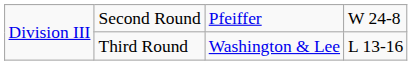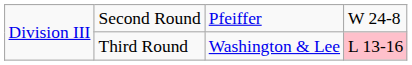 <table class="wikitable">
 <tr>
 <td rowspan="2"><a href='#'>Division III</a></td>
 <td>Second Round</td>
 <td><a href='#'>Pfeiffer</a></td>
 <td>W 24-8</td>
 </tr>
 <tr>
 <td>Third Round</td>
 <td><a href='#'>Washington & Lee</a></td>
-<td>L 13-16</td>
+<td style="background: pink;">L 13-16</td>
 </tr>
 </table>
